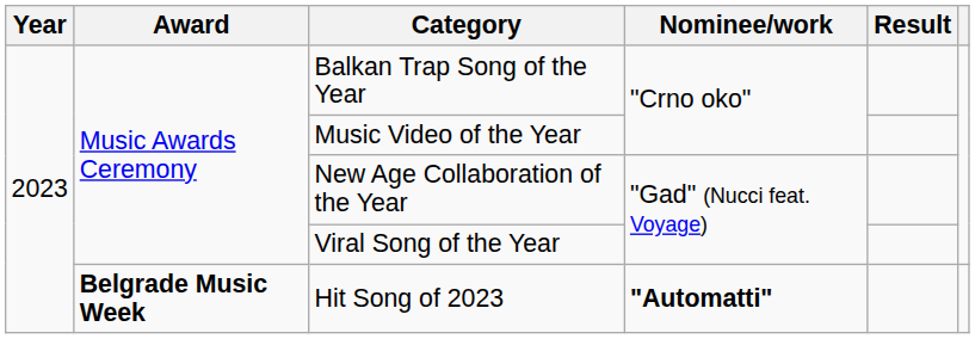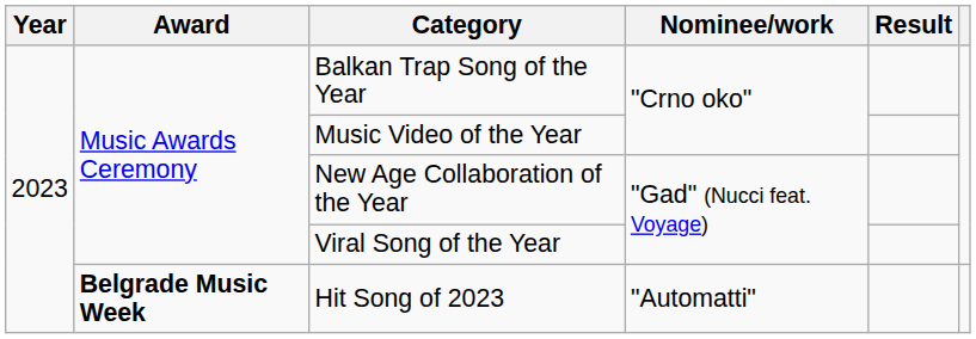 <table class="wikitable">
 <tr>
 <th>Year</th>
 <th>Award</th>
 <th>Category</th>
 <th>Nominee/work</th>
 <th>Result</th>
 <th></th>
 </tr>
 <tr>
 <td rowspan="5">2023</td>
 <td rowspan="4"><a href='#'>Music Awards Ceremony</a></td>
 <td>Balkan Trap Song of the Year</td>
 <td rowspan="2">"Crno oko"</td>
 <td></td>
 <td rowspan="4"></td>
 </tr>
 <tr>
 <td>Music Video of the Year</td>
 <td></td>
 </tr>
 <tr>
 <td>New Age Collaboration of the Year</td>
 <td rowspan="2">"Gad" <small>(Nucci feat. <a href='#'>Voyage</a>)</small></td>
 <td></td>
 </tr>
 <tr>
 <td>Viral Song of the Year</td>
 <td></td>
 </tr>
 <tr>
 <td><strong>Belgrade Music Week</strong></td>
 <td>Hit Song of 2023</td>
-<td><strong>"Automatti"</strong></td>
+<td>"Automatti"</td>
 <td></td>
 </tr>
 </table>
